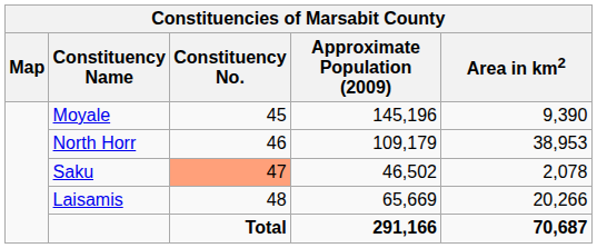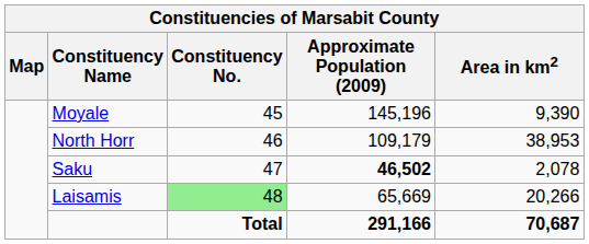 <table class="wikitable">
 <tr>
 <th colspan="7">Constituencies of Marsabit County</th>
 </tr>
 <tr style="text-align:center;">
 <th>Map</th>
 <th style="width: 6em">Constituency Name</th>
 <th style="width: 6em">Constituency No.</th>
 <th style="width: 8em">Approximate Population (2009)</th>
 <th style="width: 8em">Area in km<sup>2</sup></th>
 </tr>
 <tr>
 <td rowspan=8></td>
 <td><a href='#'>Moyale</a></td>
 <td style="text-align:right;">45</td>
 <td style="text-align:right;">145,196</td>
 <td style="text-align:right;">9,390</td>
 </tr>
 <tr>
 <td><a href='#'>North Horr</a></td>
 <td style="text-align:right;">46</td>
 <td style="text-align:right;">109,179</td>
 <td style="text-align:right;">38,953</td>
 </tr>
 <tr>
 <td><a href='#'>Saku</a></td>
-<td style="background: lightsalmon; text-align:right;">47</td>
-<td style="text-align:right;">46,502</td>
+<td style="text-align:right;">47</td>
+<td style="text-align:right;"><strong>46,502</strong></td>
 <td style="text-align:right;">2,078</td>
 </tr>
 <tr>
 <td><a href='#'>Laisamis</a></td>
-<td style="text-align:right;">48</td>
+<td style="background: lightgreen; text-align:right;">48</td>
 <td style="text-align:right;">65,669</td>
 <td style="text-align:right;">20,266</td>
 </tr>
 <tr>
 <td></td>
 <td style="text-align:right;"><strong>Total</strong></td>
 <td style="text-align:right;"><strong>291,166</strong></td>
 <td style="text-align:right;"><strong>70,687</strong></td>
 </tr>
 </table>
